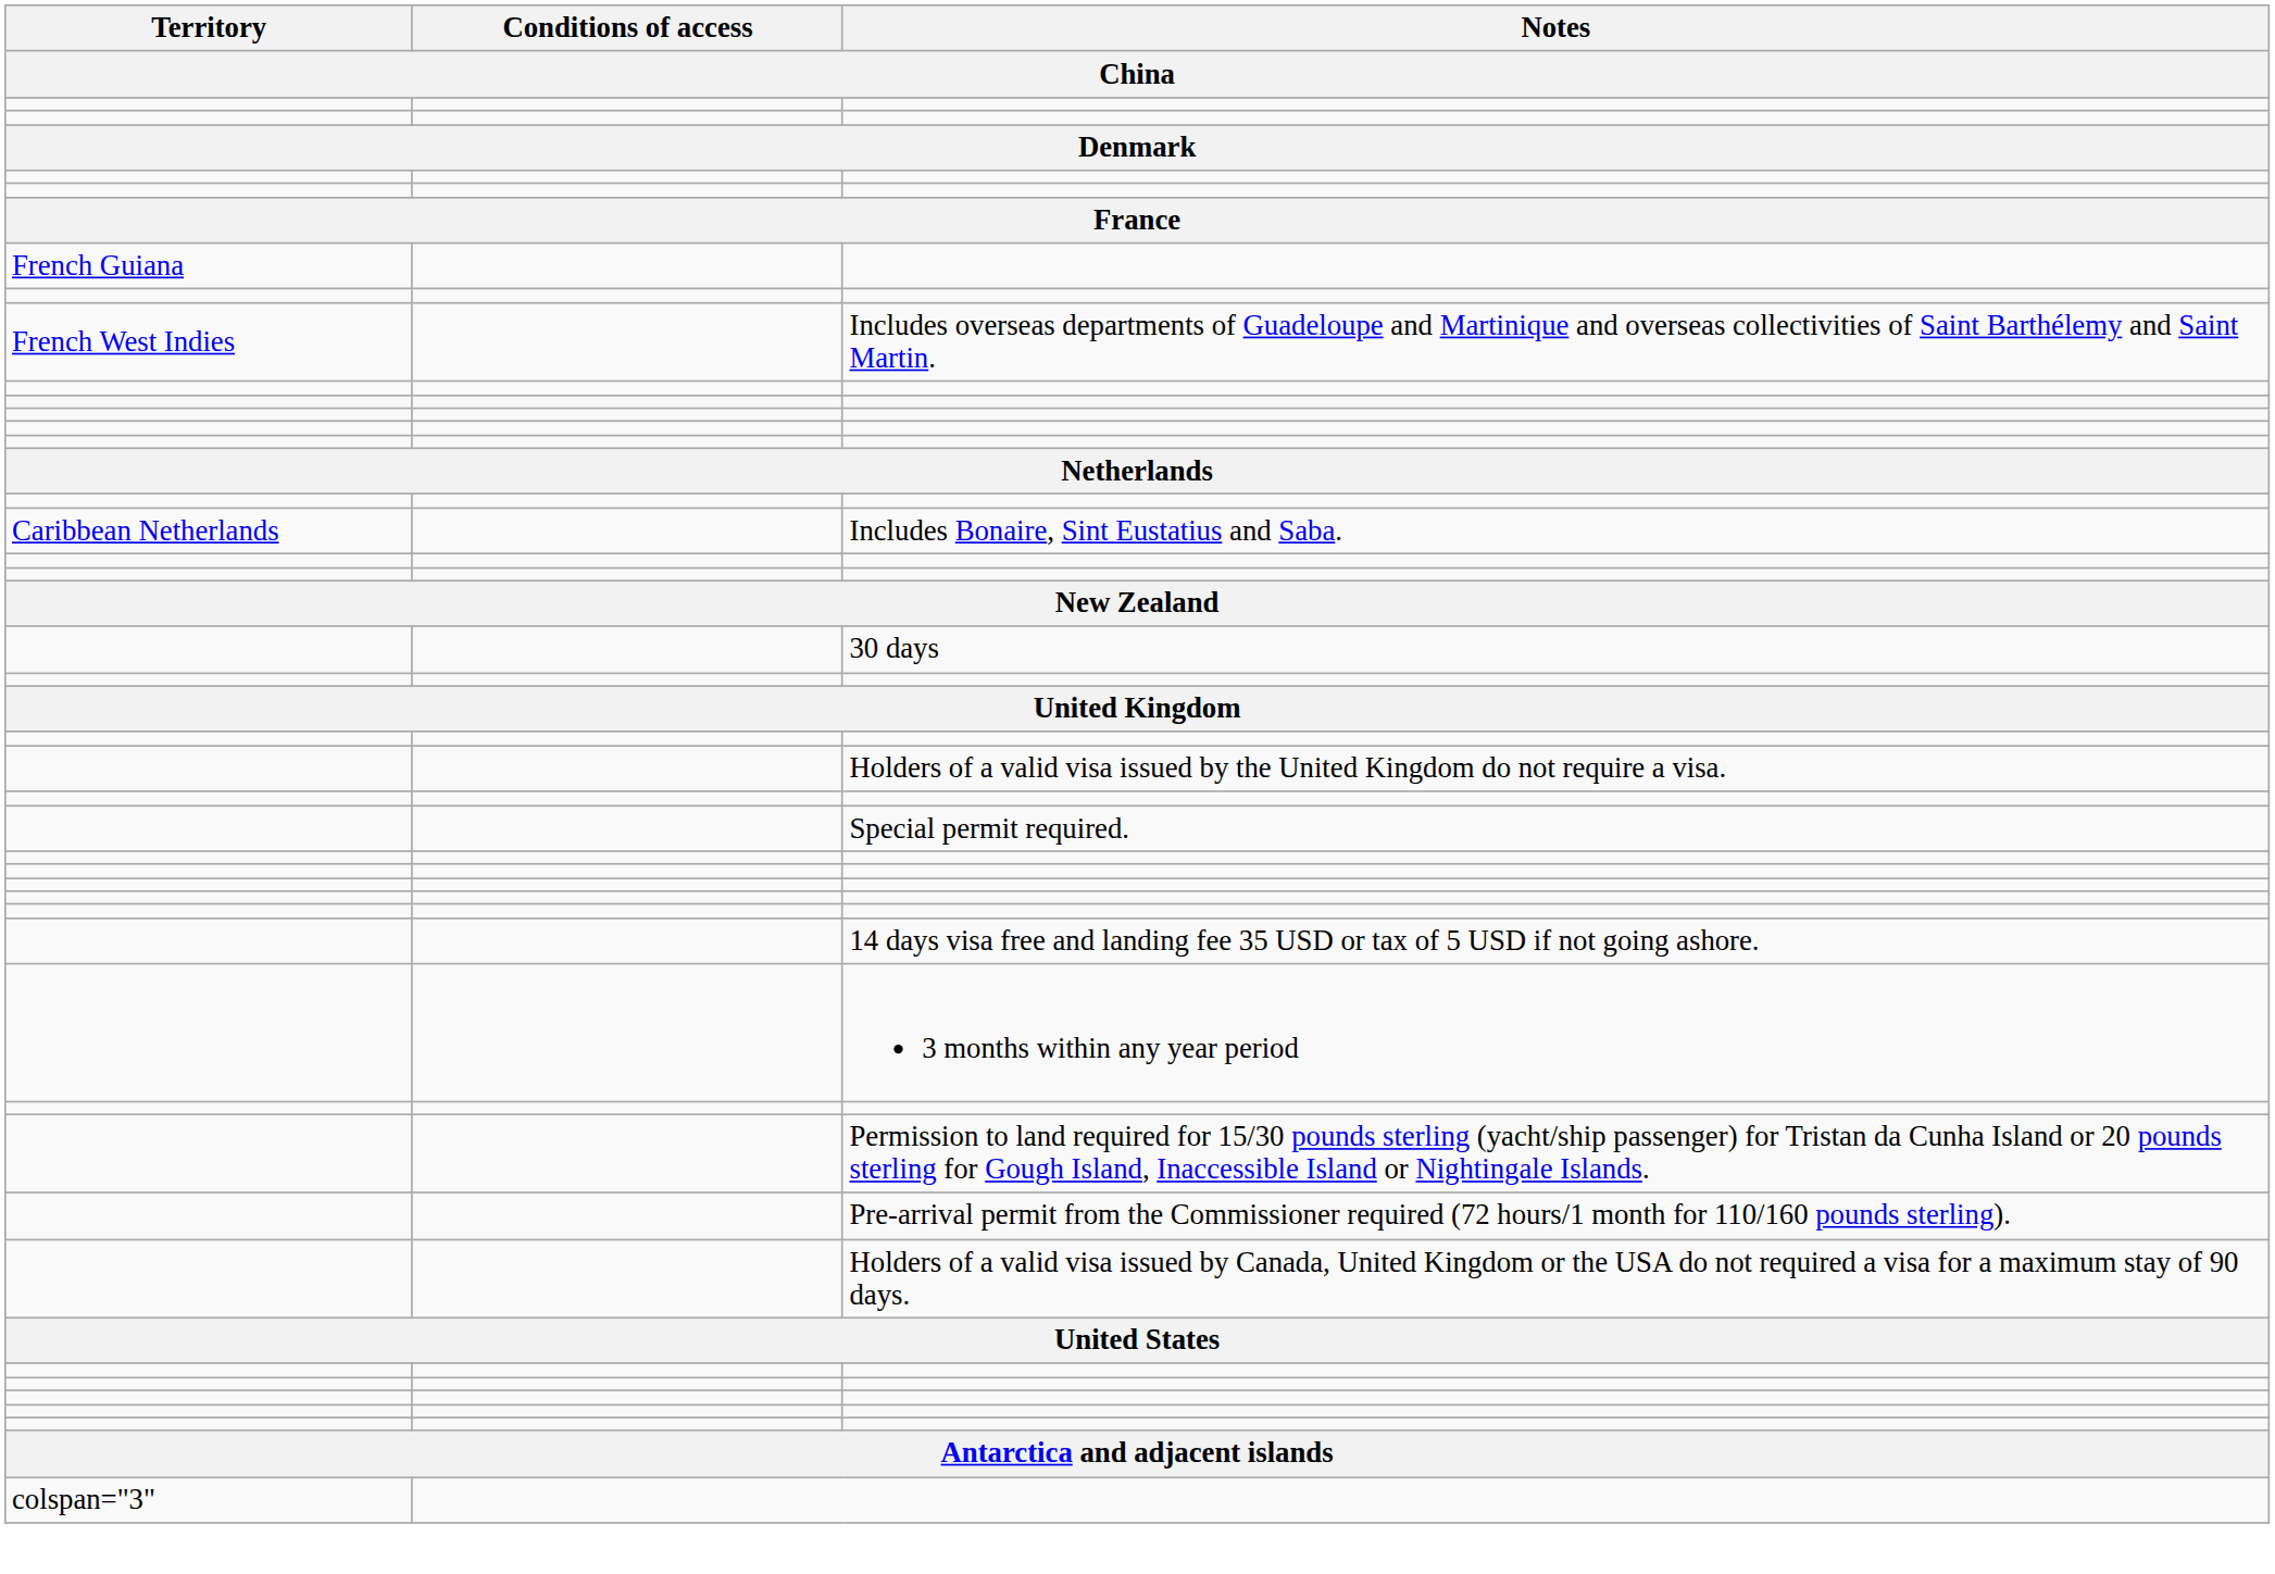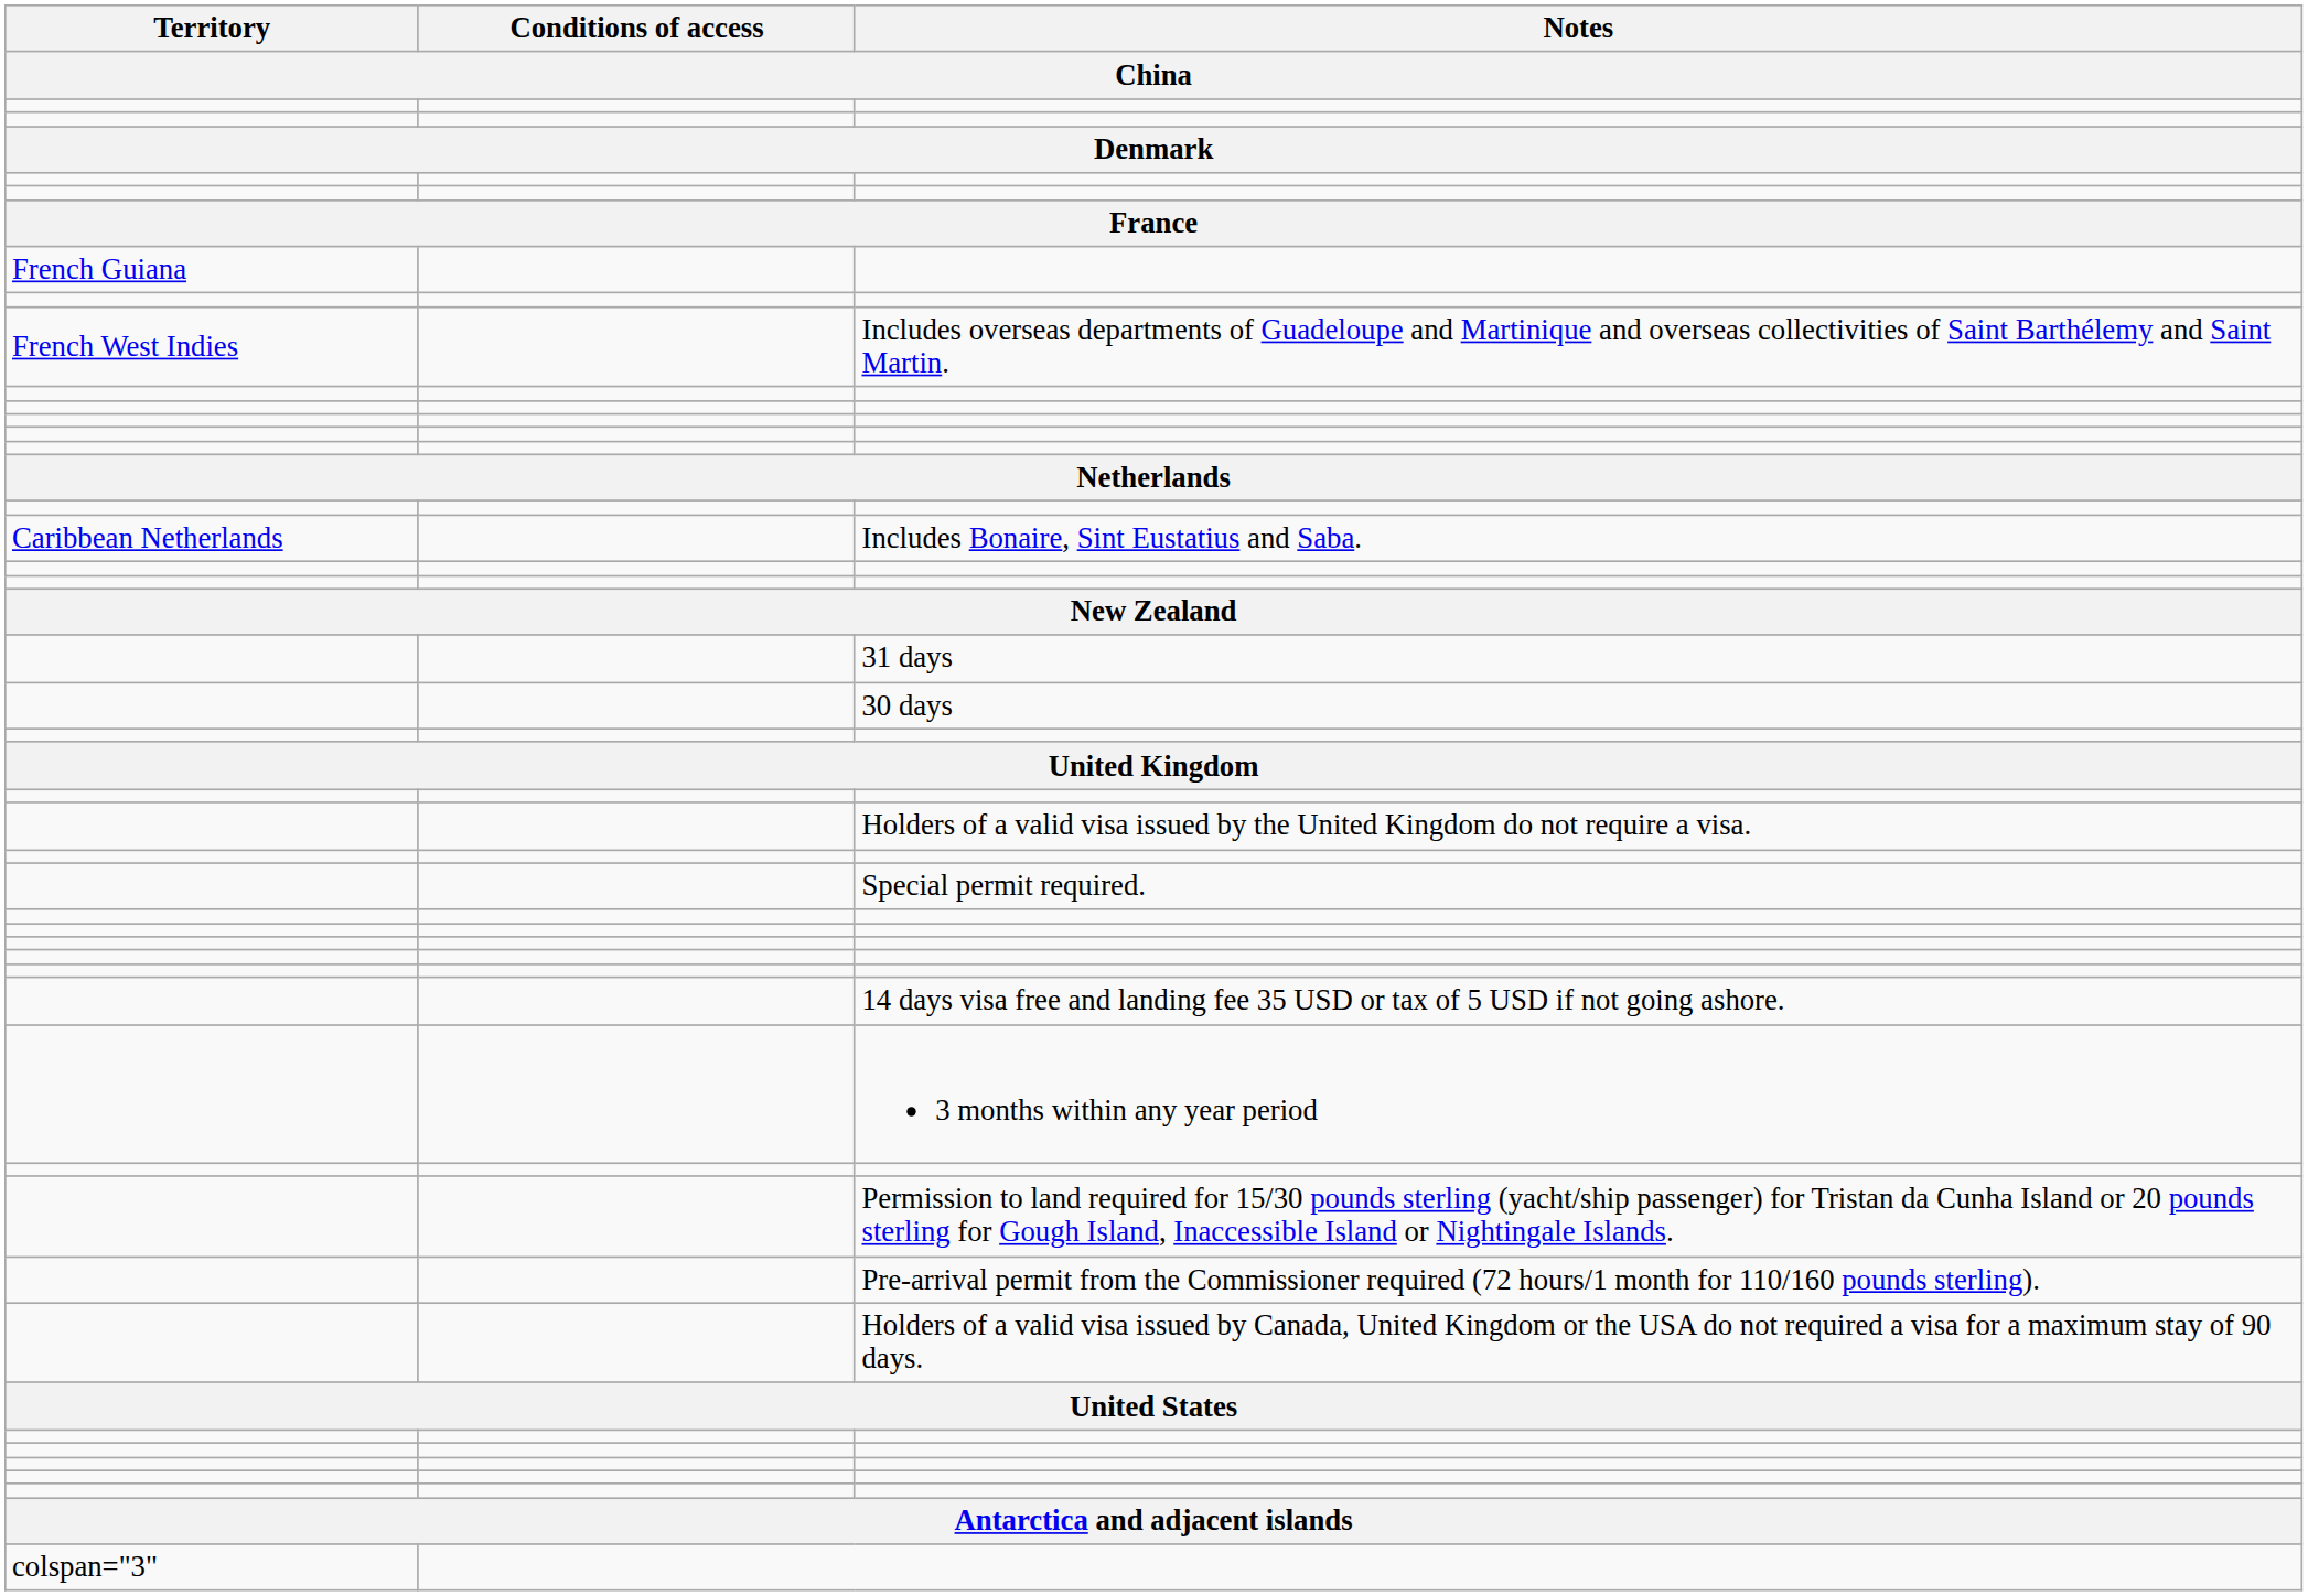 <table class="wikitable" style="text-align: left; table-layout: fixed;">
 <tr>
 <th style="width:18%;">Territory</th>
 <th style="width:19%;">Conditions of access</th>
 <th>Notes</th>
 </tr>
 <tr>
 <th colspan="3">China</th>
 </tr>
 <tr>
 <td></td>
 <td></td>
 <td></td>
 </tr>
 <tr>
 <td></td>
 <td></td>
 <td></td>
 </tr>
 <tr>
 <th colspan="3">Denmark</th>
 </tr>
 <tr>
 <td></td>
 <td></td>
 <td></td>
 </tr>
 <tr>
 <td></td>
 <td></td>
 <td></td>
 </tr>
 <tr>
 <th colspan="3">France</th>
 </tr>
 <tr>
 <td> <a href='#'>French Guiana</a></td>
 <td></td>
 <td></td>
 </tr>
 <tr>
 <td></td>
 <td></td>
 <td></td>
 </tr>
 <tr>
 <td> <a href='#'>French West Indies</a></td>
 <td></td>
 <td>Includes overseas departments of  <a href='#'>Guadeloupe</a> and  <a href='#'>Martinique</a> and overseas collectivities of  <a href='#'>Saint Barthélemy</a> and  <a href='#'>Saint Martin</a>.</td>
 </tr>
 <tr>
 <td></td>
 <td></td>
 <td></td>
 </tr>
 <tr>
 <td></td>
 <td></td>
 <td></td>
 </tr>
 <tr>
 <td></td>
 <td></td>
 <td></td>
 </tr>
 <tr>
 <td></td>
 <td></td>
 <td></td>
 </tr>
 <tr>
 <td></td>
 <td></td>
 <td></td>
 </tr>
 <tr>
 <th colspan="3">Netherlands</th>
 </tr>
 <tr>
 <td></td>
 <td></td>
 <td></td>
 </tr>
 <tr>
 <td> <a href='#'>Caribbean Netherlands</a></td>
 <td></td>
 <td>Includes <a href='#'>Bonaire</a>, <a href='#'>Sint Eustatius</a> and <a href='#'>Saba</a>.</td>
 </tr>
 <tr>
 <td></td>
 <td></td>
 <td></td>
 </tr>
 <tr>
 <td></td>
 <td></td>
 <td></td>
 </tr>
 <tr>
 <th colspan="3">New Zealand</th>
+</tr>
+<tr>
+<td></td>
+<td></td>
+<td>31 days</td>
 </tr>
 <tr>
 <td></td>
 <td></td>
 <td>30 days</td>
 </tr>
 <tr>
 <td></td>
 <td></td>
 <td></td>
 </tr>
 <tr>
 <th colspan="3">United Kingdom</th>
 </tr>
 <tr>
 <td></td>
 <td></td>
 <td></td>
 </tr>
 <tr>
 <td></td>
 <td></td>
 <td>Holders of a valid visa issued by the United Kingdom do not require a visa.</td>
 </tr>
 <tr>
 <td></td>
 <td></td>
 <td></td>
 </tr>
 <tr>
 <td></td>
 <td></td>
 <td>Special permit required.</td>
 </tr>
 <tr>
 <td></td>
 <td></td>
 <td></td>
 </tr>
 <tr>
 <td></td>
 <td></td>
 <td></td>
 </tr>
 <tr>
 <td></td>
 <td></td>
 <td></td>
 </tr>
 <tr>
 <td></td>
 <td></td>
 <td></td>
 </tr>
 <tr>
 <td></td>
 <td></td>
 <td></td>
 </tr>
 <tr>
 <td></td>
 <td></td>
 <td>14 days visa free and landing fee 35 USD or tax of 5 USD if not going ashore.</td>
 </tr>
 <tr>
 <td></td>
 <td></td>
 <td><br><ul><li>3 months within any year period</li></ul></td>
 </tr>
 <tr>
 <td></td>
 <td></td>
 <td></td>
 </tr>
 <tr>
 <td></td>
 <td></td>
 <td>Permission to land required for 15/30 <a href='#'>pounds sterling</a> (yacht/ship passenger) for Tristan da Cunha Island or 20 <a href='#'>pounds sterling</a> for <a href='#'>Gough Island</a>, <a href='#'>Inaccessible Island</a> or <a href='#'>Nightingale Islands</a>.</td>
 </tr>
 <tr>
 <td></td>
 <td></td>
 <td>Pre-arrival permit from the Commissioner required (72 hours/1 month for 110/160 <a href='#'>pounds sterling</a>).</td>
 </tr>
 <tr>
 <td></td>
 <td></td>
 <td>Holders of a valid visa issued by Canada, United Kingdom or the USA do not required a visa for a maximum stay of 90 days.</td>
 </tr>
 <tr>
 <th colspan="3">United States</th>
 </tr>
 <tr>
 <td></td>
 <td></td>
 <td></td>
 </tr>
 <tr>
 <td></td>
 <td></td>
 <td></td>
 </tr>
 <tr>
 <td></td>
 <td></td>
 <td></td>
 </tr>
 <tr>
 <td></td>
 <td></td>
 <td></td>
 </tr>
 <tr>
 <td></td>
 <td></td>
 <td></td>
 </tr>
 <tr>
 <th colspan="3"><a href='#'>Antarctica</a> and adjacent islands</th>
 </tr>
 <tr>
 <td>colspan="3" </td>
 </tr>
 </table>
